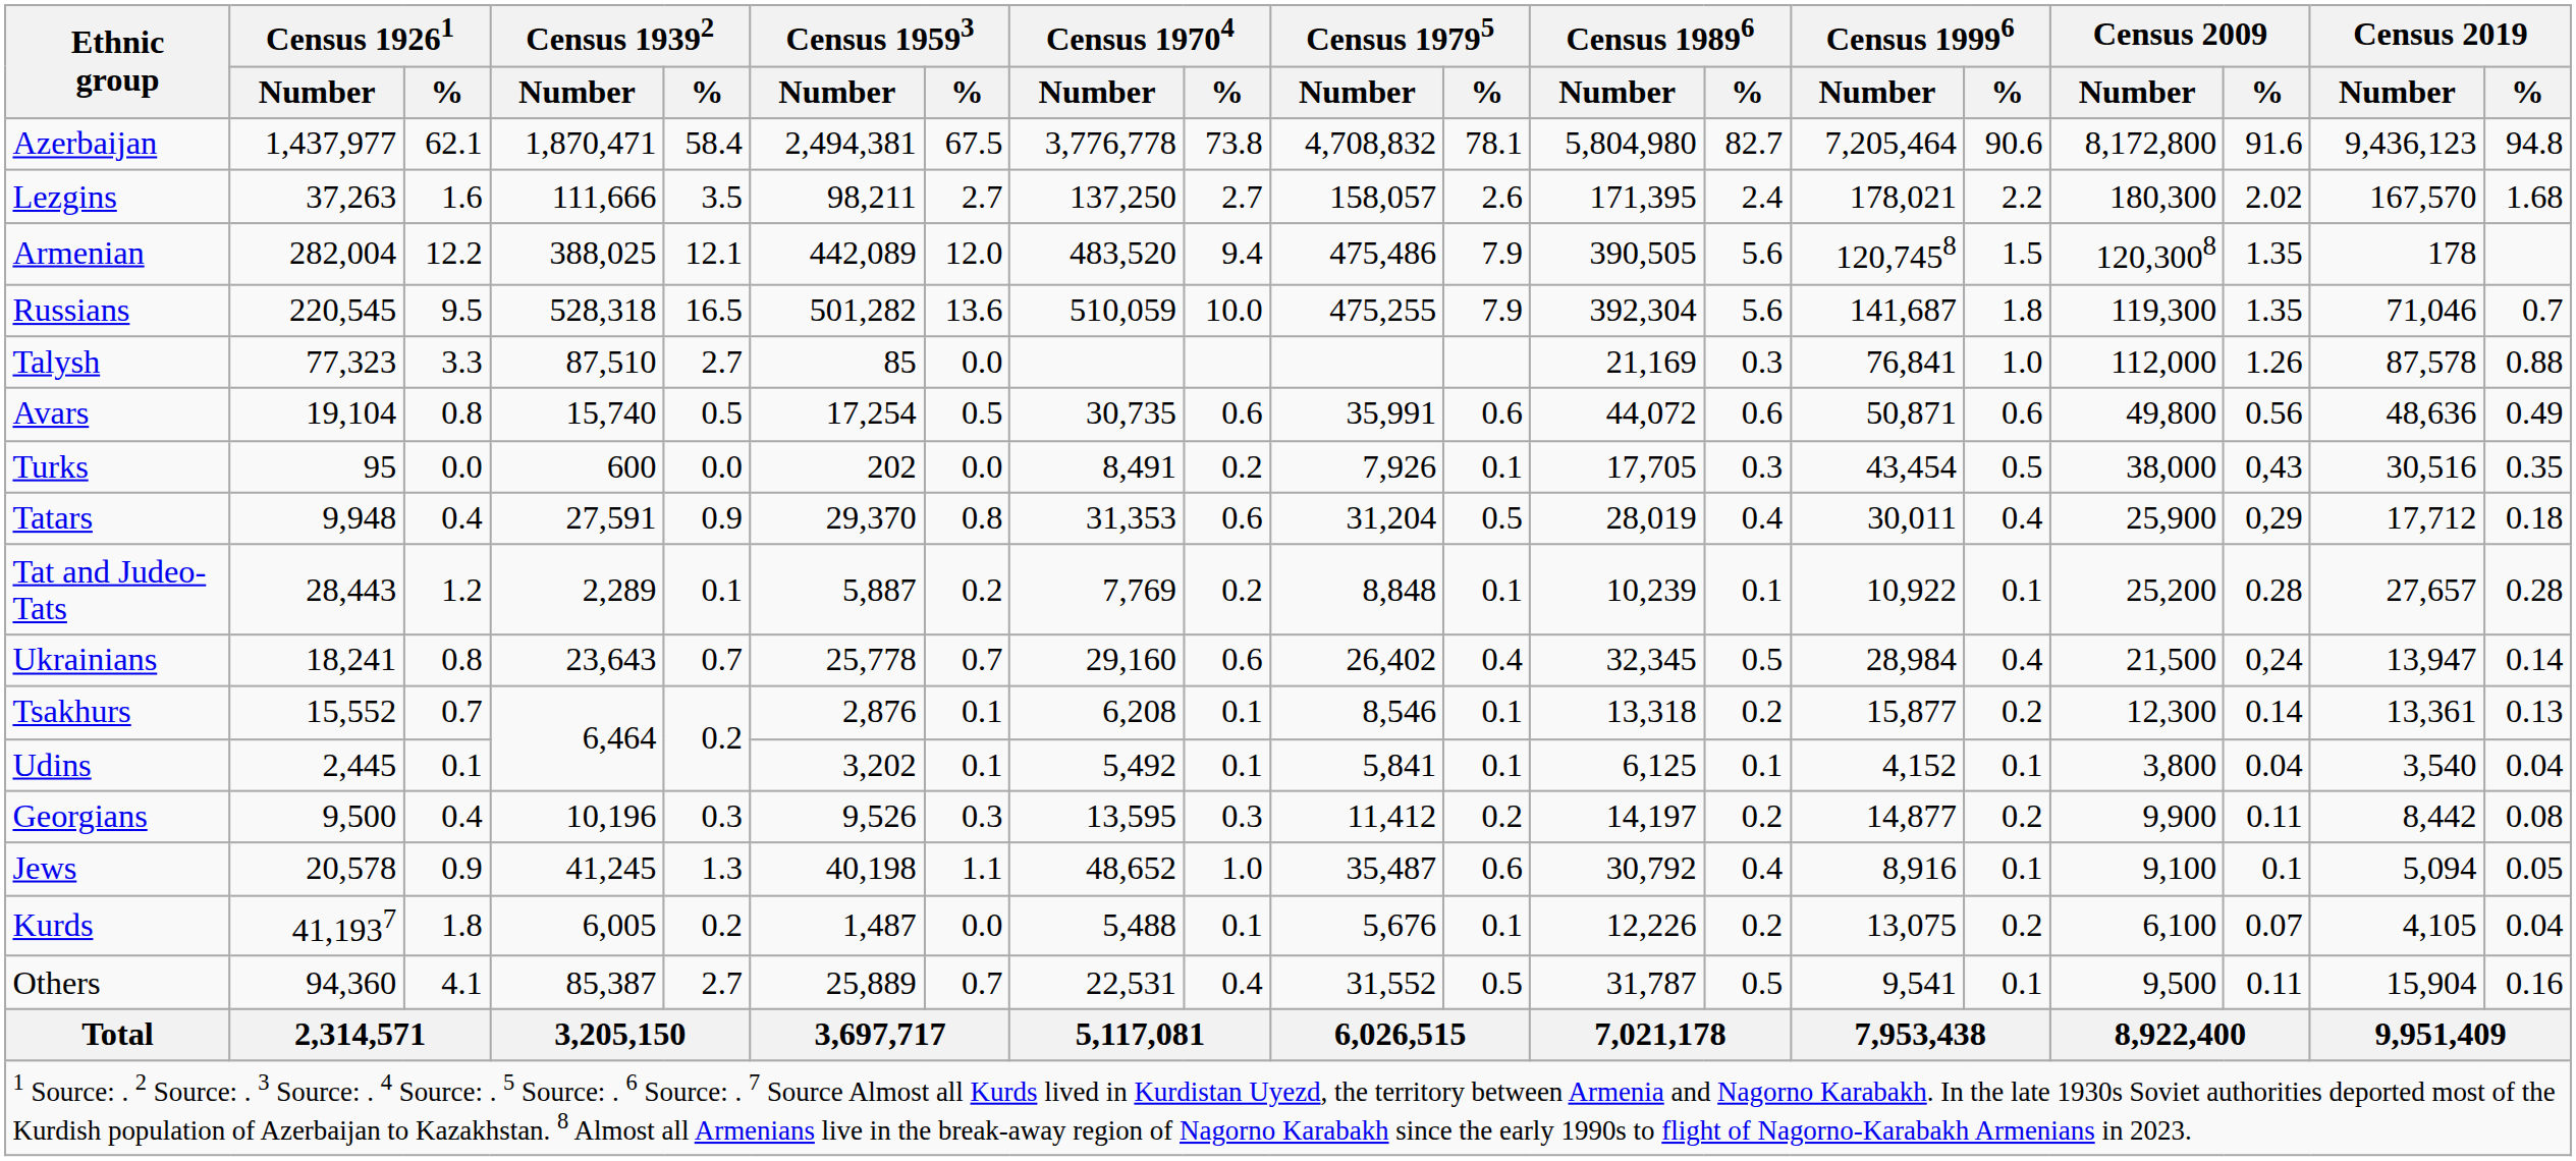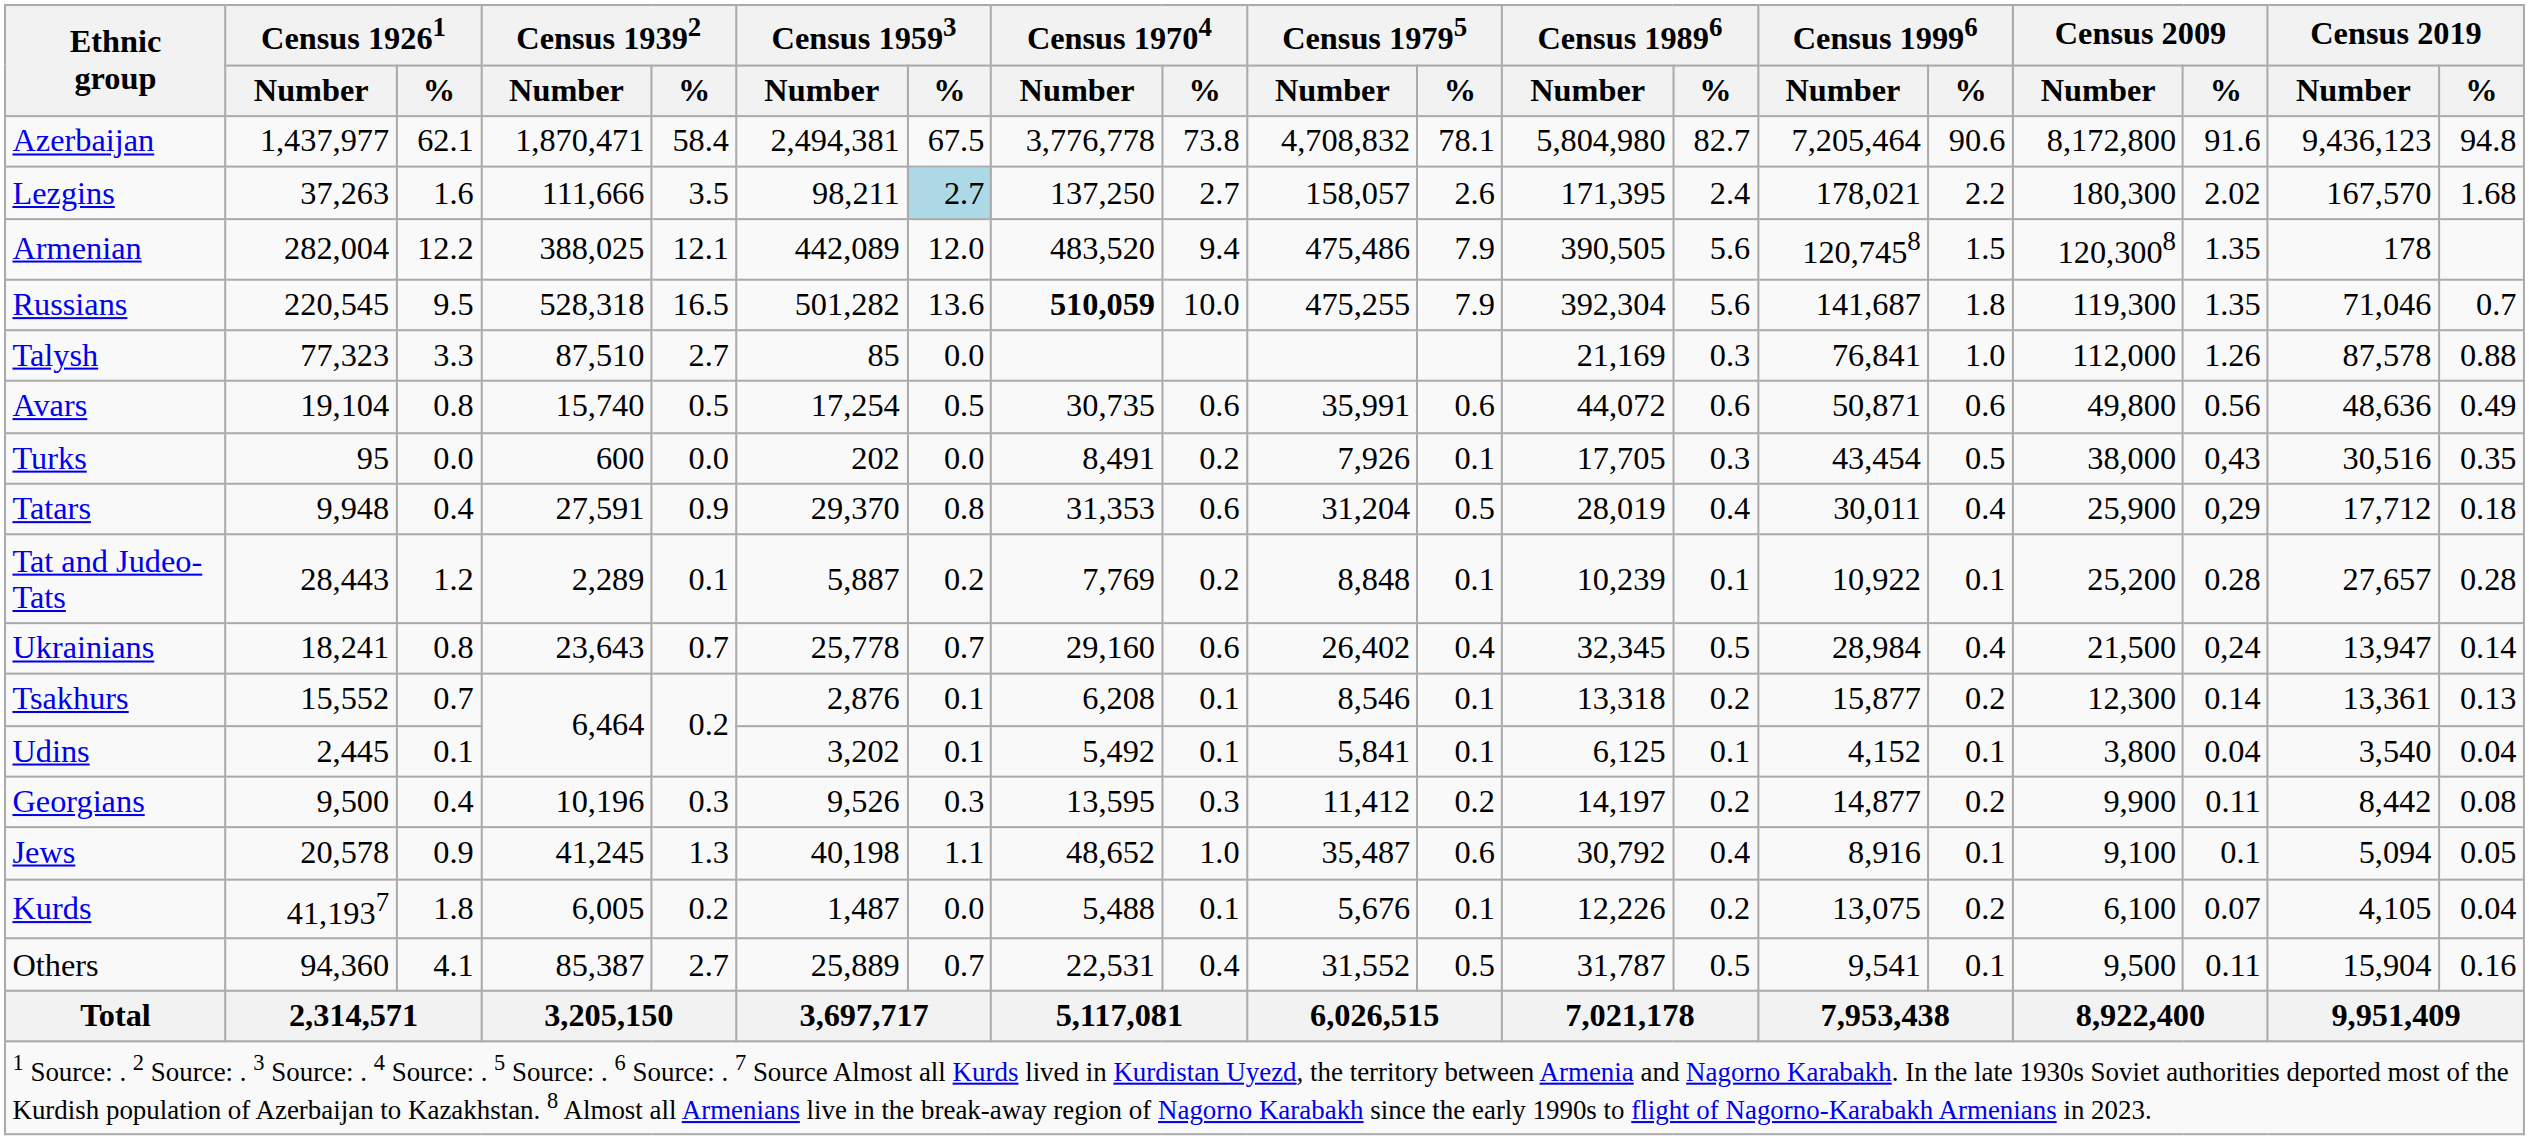 <table class="wikitable sortable" style="text-align: right;">
 <tr bgcolor="#e0e0e0">
 <th rowspan="2">Ethnic<br>group</th>
 <th colspan="2">Census 1926<sup>1</sup></th>
 <th colspan="2">Census 1939<sup>2</sup></th>
 <th colspan="2">Census 1959<sup>3</sup></th>
 <th colspan="2">Census 1970<sup>4</sup></th>
 <th colspan="2">Census 1979<sup>5</sup></th>
 <th colspan="2">Census 1989<sup>6</sup></th>
 <th colspan="2">Census 1999<sup>6</sup></th>
 <th colspan="2">Census 2009</th>
 <th colspan="2">Census 2019</th>
 </tr>
 <tr bgcolor="#e0e0e0">
 <th>Number</th>
 <th>%</th>
 <th>Number</th>
 <th>%</th>
 <th>Number</th>
 <th>%</th>
 <th>Number</th>
 <th>%</th>
 <th>Number</th>
 <th>%</th>
 <th>Number</th>
 <th>%</th>
 <th>Number</th>
 <th>%</th>
 <th>Number</th>
 <th>%</th>
 <th>Number</th>
 <th>%</th>
 </tr>
 <tr>
 <td align="left"><a href='#'>Azerbaijan</a></td>
 <td align="right">1,437,977</td>
 <td align="right">62.1</td>
 <td align="right">1,870,471</td>
 <td align="right">58.4</td>
 <td align="right">2,494,381</td>
 <td align="right">67.5</td>
 <td align="right">3,776,778</td>
 <td align="right">73.8</td>
 <td align="right">4,708,832</td>
 <td align="right">78.1</td>
 <td align="right">5,804,980</td>
 <td align="right">82.7</td>
 <td align="right">7,205,464</td>
 <td align="right">90.6</td>
 <td align="right">8,172,800</td>
 <td align="right">91.6</td>
 <td>9,436,123</td>
 <td>94.8</td>
 </tr>
 <tr>
 <td align="left"><a href='#'>Lezgins</a></td>
 <td align="right">37,263</td>
 <td align="right">1.6</td>
 <td align="right">111,666</td>
 <td align="right">3.5</td>
 <td align="right">98,211</td>
-<td align="right">2.7</td>
+<td align="right" style="background: lightblue;">2.7</td>
 <td align="right">137,250</td>
 <td align="right">2.7</td>
 <td align="right">158,057</td>
 <td align="right">2.6</td>
 <td align="right">171,395</td>
 <td align="right">2.4</td>
 <td align="right">178,021</td>
 <td align="right">2.2</td>
 <td align="right">180,300</td>
 <td align="right">2.02</td>
 <td>167,570</td>
 <td>1.68</td>
 </tr>
 <tr>
 <td align="left"><a href='#'>Armenian</a></td>
 <td>282,004</td>
 <td>12.2</td>
 <td>388,025</td>
 <td>12.1</td>
 <td>442,089</td>
 <td>12.0</td>
 <td>483,520</td>
 <td>9.4</td>
 <td>475,486</td>
 <td>7.9</td>
 <td>390,505</td>
 <td>5.6</td>
 <td>120,745<sup>8</sup></td>
 <td>1.5</td>
 <td>120,300<sup>8</sup></td>
 <td>1.35</td>
 <td>178</td>
 <td></td>
 </tr>
 <tr>
 <td align="left"><a href='#'>Russians</a></td>
 <td align="right">220,545</td>
 <td align="right">9.5</td>
 <td align="right">528,318</td>
 <td align="right">16.5</td>
 <td align="right">501,282</td>
 <td align="right">13.6</td>
-<td align="right">510,059</td>
+<td align="right"><strong>510,059</strong></td>
 <td align="right">10.0</td>
 <td align="right">475,255</td>
 <td align="right">7.9</td>
 <td align="right">392,304</td>
 <td align="right">5.6</td>
 <td align="right">141,687</td>
 <td align="right">1.8</td>
 <td align="right">119,300</td>
 <td align="right">1.35</td>
 <td>71,046</td>
 <td>0.7</td>
 </tr>
 <tr>
 <td align="left"><a href='#'>Talysh</a></td>
 <td align="right">77,323</td>
 <td align="right">3.3</td>
 <td align="right">87,510</td>
 <td align="right">2.7</td>
 <td align="right">85</td>
 <td align="right">0.0</td>
 <td align="right"></td>
 <td align="right"></td>
 <td align="right"></td>
 <td align="right"></td>
 <td align="right">21,169</td>
 <td align="right">0.3</td>
 <td align="right">76,841</td>
 <td align="right">1.0</td>
 <td align="right">112,000</td>
 <td align="right">1.26</td>
 <td>87,578</td>
 <td>0.88</td>
 </tr>
 <tr>
 <td align="left"><a href='#'>Avars</a></td>
 <td align="right">19,104</td>
 <td align="right">0.8</td>
 <td align="right">15,740</td>
 <td align="right">0.5</td>
 <td align="right">17,254</td>
 <td align="right">0.5</td>
 <td align="right">30,735</td>
 <td align="right">0.6</td>
 <td align="right">35,991</td>
 <td align="right">0.6</td>
 <td align="right">44,072</td>
 <td align="right">0.6</td>
 <td align="right">50,871</td>
 <td align="right">0.6</td>
 <td align="right">49,800</td>
 <td align="right">0.56</td>
 <td>48,636</td>
 <td>0.49</td>
 </tr>
 <tr>
 <td align="left"><a href='#'>Turks</a></td>
 <td align="right">95</td>
 <td align="right">0.0</td>
 <td align="right">600</td>
 <td align="right">0.0</td>
 <td align="right">202</td>
 <td align="right">0.0</td>
 <td align="right">8,491</td>
 <td align="right">0.2</td>
 <td align="right">7,926</td>
 <td align="right">0.1</td>
 <td align="right">17,705</td>
 <td align="right">0.3</td>
 <td align="right">43,454</td>
 <td align="right">0.5</td>
 <td align="right">38,000</td>
 <td align="right">0,43</td>
 <td>30,516</td>
 <td>0.35</td>
 </tr>
 <tr>
 <td align="left"><a href='#'>Tatars</a></td>
 <td align="right">9,948</td>
 <td align="right">0.4</td>
 <td align="right">27,591</td>
 <td align="right">0.9</td>
 <td align="right">29,370</td>
 <td align="right">0.8</td>
 <td align="right">31,353</td>
 <td align="right">0.6</td>
 <td align="right">31,204</td>
 <td align="right">0.5</td>
 <td align="right">28,019</td>
 <td align="right">0.4</td>
 <td align="right">30,011</td>
 <td align="right">0.4</td>
 <td align="right">25,900</td>
 <td align="right">0,29</td>
 <td>17,712</td>
 <td>0.18</td>
 </tr>
 <tr>
 <td align="left"><a href='#'>Tat and Judeo-Tats</a></td>
 <td align="right">28,443</td>
 <td align="right">1.2</td>
 <td align="right">2,289</td>
 <td align="right">0.1</td>
 <td align="right">5,887</td>
 <td align="right">0.2</td>
 <td align="right">7,769</td>
 <td align="right">0.2</td>
 <td align="right">8,848</td>
 <td align="right">0.1</td>
 <td align="right">10,239</td>
 <td align="right">0.1</td>
 <td align="right">10,922</td>
 <td align="right">0.1</td>
 <td align="right">25,200</td>
 <td align="right">0.28</td>
 <td>27,657</td>
 <td>0.28</td>
 </tr>
 <tr>
 <td align="left"><a href='#'>Ukrainians</a></td>
 <td align="right">18,241</td>
 <td align="right">0.8</td>
 <td align="right">23,643</td>
 <td align="right">0.7</td>
 <td align="right">25,778</td>
 <td align="right">0.7</td>
 <td align="right">29,160</td>
 <td align="right">0.6</td>
 <td align="right">26,402</td>
 <td align="right">0.4</td>
 <td align="right">32,345</td>
 <td align="right">0.5</td>
 <td align="right">28,984</td>
 <td align="right">0.4</td>
 <td align="right">21,500</td>
 <td align="right">0,24</td>
 <td>13,947</td>
 <td>0.14</td>
 </tr>
 <tr>
 <td align="left"><a href='#'>Tsakhurs</a></td>
 <td align="right">15,552</td>
 <td align="right">0.7</td>
 <td rowspan="2" align="right">6,464</td>
 <td rowspan="2" align="right">0.2</td>
 <td align="right">2,876</td>
 <td align="right">0.1</td>
 <td align="right">6,208</td>
 <td align="right">0.1</td>
 <td align="right">8,546</td>
 <td align="right">0.1</td>
 <td align="right">13,318</td>
 <td align="right">0.2</td>
 <td align="right">15,877</td>
 <td align="right">0.2</td>
 <td align="right">12,300</td>
 <td align="right">0.14</td>
 <td>13,361</td>
 <td>0.13</td>
 </tr>
 <tr>
 <td align="left"><a href='#'>Udins</a></td>
 <td align="right">2,445</td>
 <td align="right">0.1</td>
 <td align="right">3,202</td>
 <td align="right">0.1</td>
 <td align="right">5,492</td>
 <td align="right">0.1</td>
 <td align="right">5,841</td>
 <td align="right">0.1</td>
 <td align="right">6,125</td>
 <td align="right">0.1</td>
 <td align="right">4,152</td>
 <td align="right">0.1</td>
 <td align="right">3,800</td>
 <td align="right">0.04</td>
 <td>3,540</td>
 <td>0.04</td>
 </tr>
 <tr>
 <td align="left"><a href='#'>Georgians</a></td>
 <td align="right">9,500</td>
 <td align="right">0.4</td>
 <td align="right">10,196</td>
 <td align="right">0.3</td>
 <td align="right">9,526</td>
 <td align="right">0.3</td>
 <td align="right">13,595</td>
 <td align="right">0.3</td>
 <td align="right">11,412</td>
 <td align="right">0.2</td>
 <td align="right">14,197</td>
 <td align="right">0.2</td>
 <td align="right">14,877</td>
 <td align="right">0.2</td>
 <td align="right">9,900</td>
 <td align="right">0.11</td>
 <td>8,442</td>
 <td>0.08</td>
 </tr>
 <tr>
 <td align="left"><a href='#'>Jews</a></td>
 <td align="right">20,578</td>
 <td align="right">0.9</td>
 <td align="right">41,245</td>
 <td align="right">1.3</td>
 <td align="right">40,198</td>
 <td align="right">1.1</td>
 <td align="right">48,652</td>
 <td align="right">1.0</td>
 <td align="right">35,487</td>
 <td align="right">0.6</td>
 <td align="right">30,792</td>
 <td align="right">0.4</td>
 <td align="right">8,916</td>
 <td align="right">0.1</td>
 <td align="right">9,100</td>
 <td align="right">0.1</td>
 <td>5,094</td>
 <td>0.05</td>
 </tr>
 <tr>
 <td align="left"><a href='#'>Kurds</a></td>
 <td align="right">41,193<sup>7</sup></td>
 <td align="right">1.8</td>
 <td align="right">6,005</td>
 <td align="right">0.2</td>
 <td align="right">1,487</td>
 <td align="right">0.0</td>
 <td align="right">5,488</td>
 <td align="right">0.1</td>
 <td align="right">5,676</td>
 <td align="right">0.1</td>
 <td align="right">12,226</td>
 <td align="right">0.2</td>
 <td align="right">13,075</td>
 <td align="right">0.2</td>
 <td align="right">6,100</td>
 <td align="right">0.07</td>
 <td>4,105</td>
 <td>0.04</td>
 </tr>
 <tr>
 <td align="left">Others</td>
 <td align="right">94,360</td>
 <td align="right">4.1</td>
 <td align="right">85,387</td>
 <td align="right">2.7</td>
 <td align="right">25,889</td>
 <td align="right">0.7</td>
 <td align="right">22,531</td>
 <td align="right">0.4</td>
 <td align="right">31,552</td>
 <td align="right">0.5</td>
 <td align="right">31,787</td>
 <td align="right">0.5</td>
 <td align="right">9,541</td>
 <td align="right">0.1</td>
 <td align="right">9,500</td>
 <td align="right">0.11</td>
 <td>15,904</td>
 <td>0.16</td>
 </tr>
 <tr bgcolor="#e0e0e0">
 <th align="left">Total</th>
 <th colspan="2">2,314,571</th>
 <th colspan="2">3,205,150</th>
 <th colspan="2">3,697,717</th>
 <th colspan="2">5,117,081</th>
 <th colspan="2">6,026,515</th>
 <th colspan="2">7,021,178</th>
 <th colspan="2">7,953,438</th>
 <th colspan="2">8,922,400</th>
 <th colspan="2"><strong>9,951,409</strong></th>
 </tr>
 <tr>
 <td colspan="19" align="left"><small><sup>1</sup> Source: . <sup>2</sup> Source: . <sup>3</sup> Source: . <sup>4</sup> Source: . <sup>5</sup> Source: . <sup>6</sup> Source: . <sup>7</sup> Source  Almost all <a href='#'>Kurds</a> lived in <a href='#'>Kurdistan Uyezd</a>, the territory between <a href='#'>Armenia</a> and <a href='#'>Nagorno Karabakh</a>. In the late 1930s Soviet authorities deported most of the Kurdish population of Azerbaijan to Kazakhstan. <sup>8</sup> Almost all <a href='#'>Armenians</a> live in the break-away region of <a href='#'>Nagorno Karabakh</a> since the early 1990s to <a href='#'>flight of Nagorno-Karabakh Armenians</a> in 2023.</small></td>
 </tr>
 </table>
